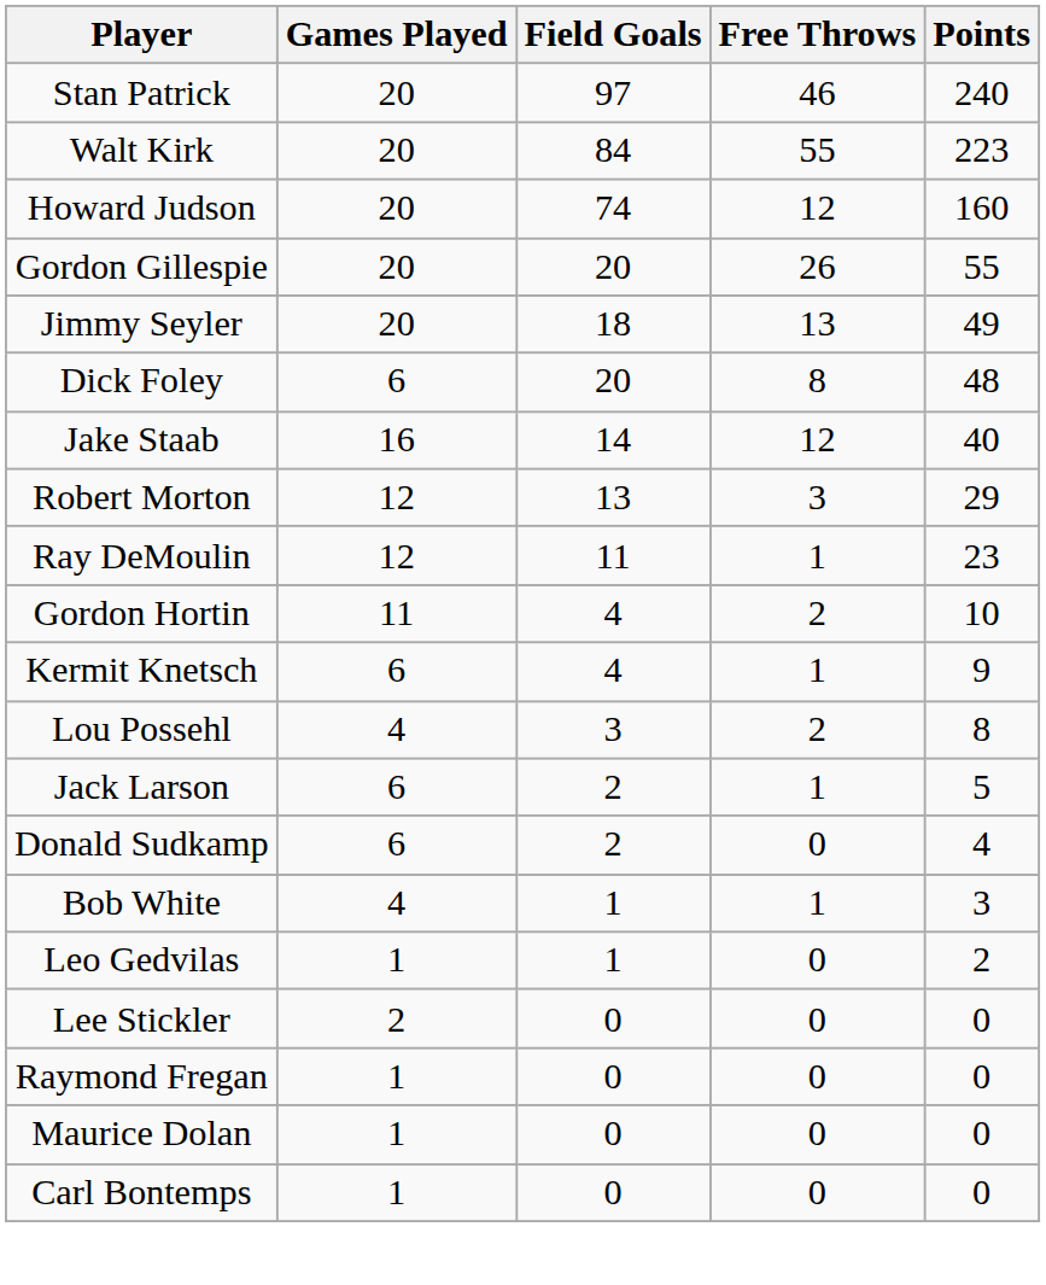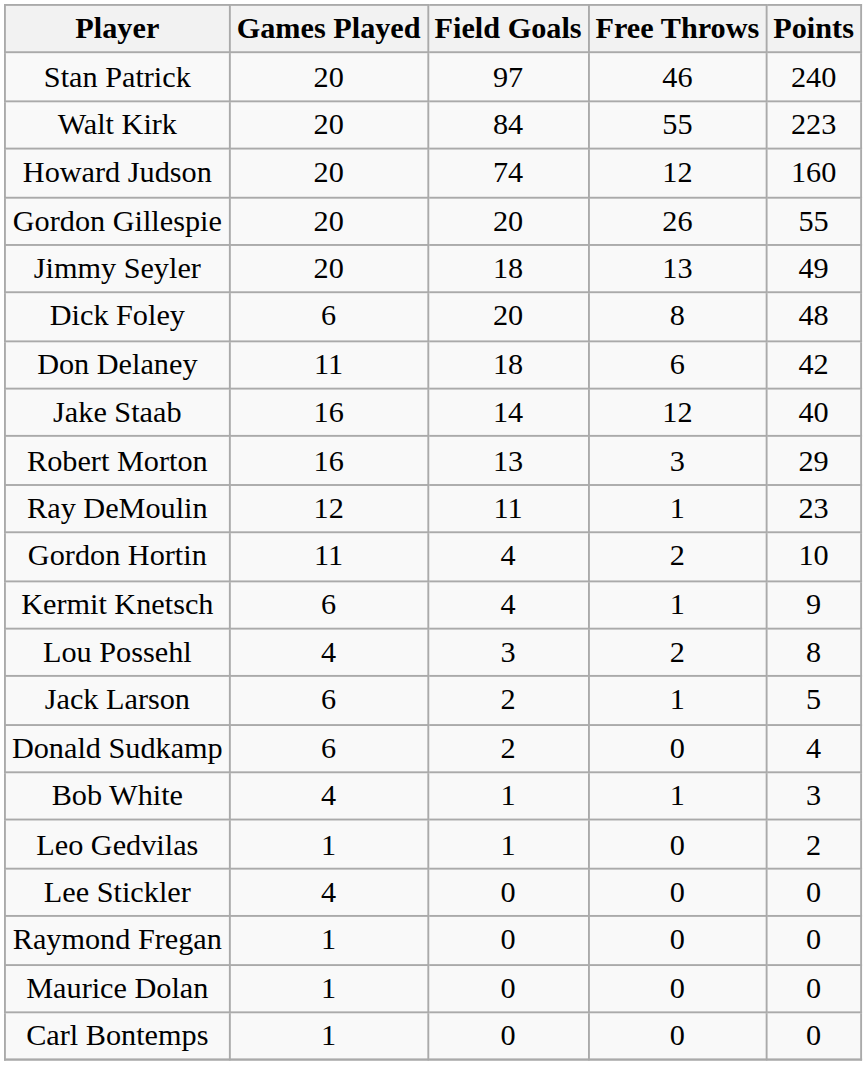 <table class="wikitable sortable">
 <tr>
 <th>Player</th>
 <th>Games Played</th>
 <th>Field Goals</th>
 <th>Free Throws</th>
 <th>Points</th>
 </tr>
 <tr align="center" bgcolor="">
 <td>Stan Patrick</td>
 <td>20</td>
 <td>97</td>
 <td>46</td>
 <td>240</td>
 </tr>
 <tr align="center" bgcolor="">
 <td>Walt Kirk</td>
 <td>20</td>
 <td>84</td>
 <td>55</td>
 <td>223</td>
 </tr>
 <tr align="center" bgcolor="">
 <td>Howard Judson</td>
 <td>20</td>
 <td>74</td>
 <td>12</td>
 <td>160</td>
 </tr>
 <tr align="center" bgcolor="">
 <td>Gordon Gillespie</td>
 <td>20</td>
 <td>20</td>
 <td>26</td>
 <td>55</td>
 </tr>
 <tr align="center" bgcolor="">
 <td>Jimmy Seyler</td>
 <td>20</td>
 <td>18</td>
 <td>13</td>
 <td>49</td>
 </tr>
 <tr align="center" bgcolor="">
 <td>Dick Foley</td>
 <td>6</td>
 <td>20</td>
 <td>8</td>
 <td>48</td>
 </tr>
 <tr align="center" bgcolor="">
+<td>Don Delaney</td>
+<td>11</td>
+<td>18</td>
+<td>6</td>
+<td>42</td>
+</tr>
+<tr align="center" bgcolor="">
 <td>Jake Staab</td>
 <td>16</td>
 <td>14</td>
 <td>12</td>
 <td>40</td>
 </tr>
 <tr align="center" bgcolor="">
 <td>Robert Morton</td>
-<td>12</td>
+<td>16</td>
 <td>13</td>
 <td>3</td>
 <td>29</td>
 </tr>
 <tr align="center" bgcolor="">
 <td>Ray DeMoulin</td>
 <td>12</td>
 <td>11</td>
 <td>1</td>
 <td>23</td>
 </tr>
 <tr align="center" bgcolor="">
 <td>Gordon Hortin</td>
 <td>11</td>
 <td>4</td>
 <td>2</td>
 <td>10</td>
 </tr>
 <tr align="center" bgcolor="">
 <td>Kermit Knetsch</td>
 <td>6</td>
 <td>4</td>
 <td>1</td>
 <td>9</td>
 </tr>
 <tr align="center" bgcolor="">
 <td>Lou Possehl</td>
 <td>4</td>
 <td>3</td>
 <td>2</td>
 <td>8</td>
 </tr>
 <tr align="center" bgcolor="">
 <td>Jack Larson</td>
 <td>6</td>
 <td>2</td>
 <td>1</td>
 <td>5</td>
 </tr>
 <tr align="center" bgcolor="">
 <td>Donald Sudkamp</td>
 <td>6</td>
 <td>2</td>
 <td>0</td>
 <td>4</td>
 </tr>
 <tr align="center" bgcolor="">
 <td>Bob White</td>
 <td>4</td>
 <td>1</td>
 <td>1</td>
 <td>3</td>
 </tr>
 <tr align="center" bgcolor="">
 <td>Leo Gedvilas</td>
 <td>1</td>
 <td>1</td>
 <td>0</td>
 <td>2</td>
 </tr>
 <tr align="center" bgcolor="">
 <td>Lee Stickler</td>
-<td>2</td>
+<td>4</td>
 <td>0</td>
 <td>0</td>
 <td>0</td>
 </tr>
 <tr align="center" bgcolor="">
 <td>Raymond Fregan</td>
 <td>1</td>
 <td>0</td>
 <td>0</td>
 <td>0</td>
 </tr>
 <tr align="center" bgcolor="">
 <td>Maurice Dolan</td>
 <td>1</td>
 <td>0</td>
 <td>0</td>
 <td>0</td>
 </tr>
 <tr align="center" bgcolor="">
 <td>Carl Bontemps</td>
 <td>1</td>
 <td>0</td>
 <td>0</td>
 <td>0</td>
 </tr>
 <tr align="center" bgcolor="">
 </tr>
 </table>
